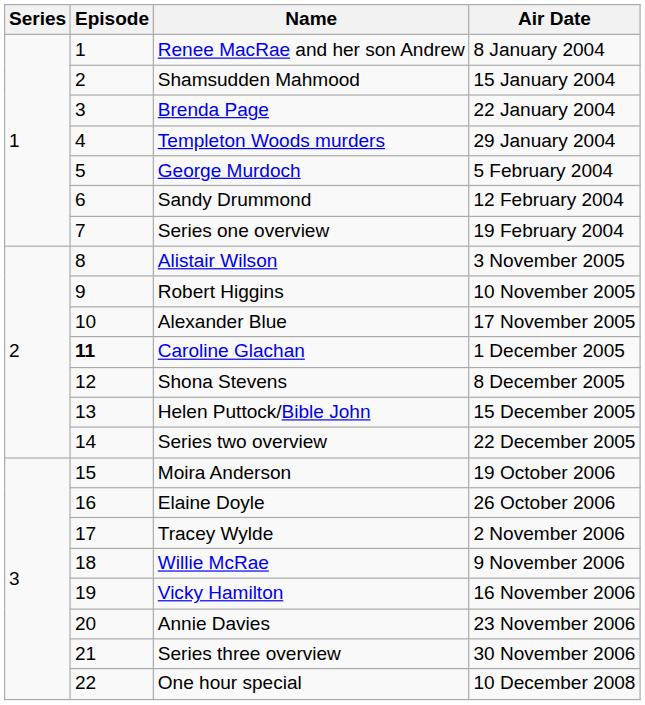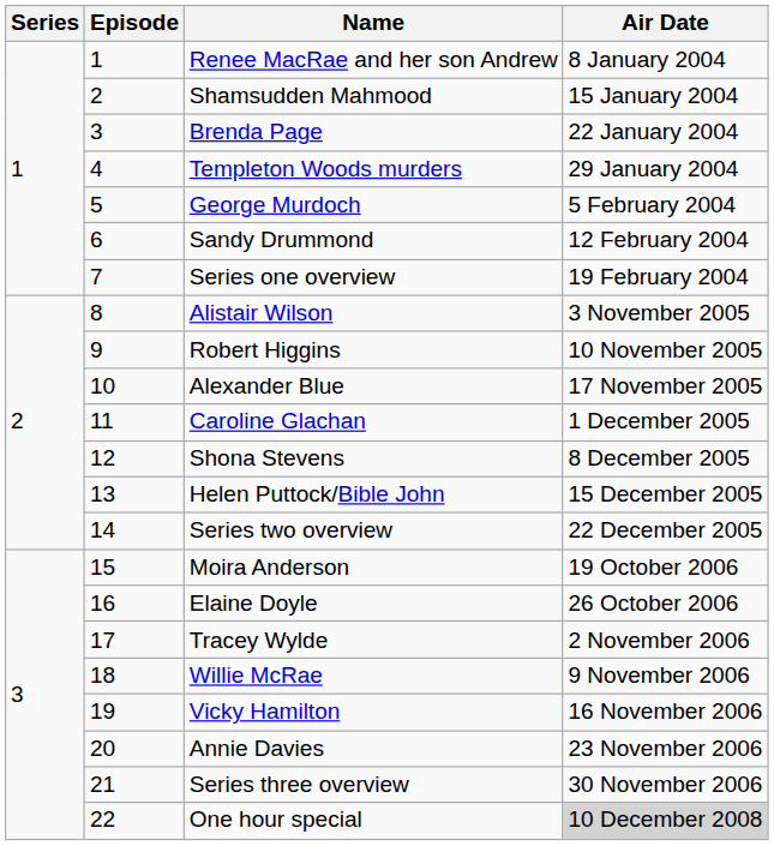 <table class="wikitable sortable">
 <tr>
 <th>Series</th>
 <th>Episode</th>
 <th>Name</th>
 <th>Air Date</th>
 </tr>
 <tr>
 <td rowspan="7">1</td>
 <td>1</td>
 <td><a href='#'>Renee MacRae</a> and her son Andrew</td>
 <td>8 January 2004</td>
 </tr>
 <tr>
 <td>2</td>
 <td>Shamsudden Mahmood</td>
 <td>15 January 2004</td>
 </tr>
 <tr>
 <td>3</td>
 <td><a href='#'>Brenda Page</a></td>
 <td>22 January 2004</td>
 </tr>
 <tr>
 <td>4</td>
 <td><a href='#'>Templeton Woods murders</a></td>
 <td>29 January 2004</td>
 </tr>
 <tr>
 <td>5</td>
 <td><a href='#'>George Murdoch</a></td>
 <td>5 February 2004</td>
 </tr>
 <tr>
 <td>6</td>
 <td>Sandy Drummond</td>
 <td>12 February 2004</td>
 </tr>
 <tr>
 <td>7</td>
 <td>Series one overview</td>
 <td>19 February 2004</td>
 </tr>
 <tr>
 <td rowspan="7">2</td>
 <td>8</td>
 <td><a href='#'>Alistair Wilson</a></td>
 <td>3 November 2005</td>
 </tr>
 <tr>
 <td>9</td>
 <td>Robert Higgins</td>
 <td>10 November 2005</td>
 </tr>
 <tr>
 <td>10</td>
 <td>Alexander Blue</td>
 <td>17 November 2005</td>
 </tr>
 <tr>
-<td><strong>11</strong></td>
+<td>11</td>
 <td><a href='#'>Caroline Glachan</a></td>
 <td>1 December 2005</td>
 </tr>
 <tr>
 <td>12</td>
 <td>Shona Stevens</td>
 <td>8 December 2005</td>
 </tr>
 <tr>
 <td>13</td>
 <td>Helen Puttock/<a href='#'>Bible John</a></td>
 <td>15 December 2005</td>
 </tr>
 <tr>
 <td>14</td>
 <td>Series two overview</td>
 <td>22 December 2005</td>
 </tr>
 <tr>
 <td rowspan="8">3</td>
 <td>15</td>
 <td>Moira Anderson</td>
 <td>19 October 2006</td>
 </tr>
 <tr>
 <td>16</td>
 <td>Elaine Doyle</td>
 <td>26 October 2006</td>
 </tr>
 <tr>
 <td>17</td>
 <td>Tracey Wylde</td>
 <td>2 November 2006</td>
 </tr>
 <tr>
 <td>18</td>
 <td><a href='#'>Willie McRae</a></td>
 <td>9 November 2006</td>
 </tr>
 <tr>
 <td>19</td>
 <td><a href='#'>Vicky Hamilton</a></td>
 <td>16 November 2006</td>
 </tr>
 <tr>
 <td>20</td>
 <td>Annie Davies</td>
 <td>23 November 2006</td>
 </tr>
 <tr>
 <td>21</td>
 <td>Series three overview</td>
 <td>30 November 2006</td>
 </tr>
 <tr>
 <td>22</td>
 <td>One hour special</td>
-<td>10 December 2008</td>
+<td style="background: lightgrey;">10 December 2008</td>
 </tr>
 </table>
